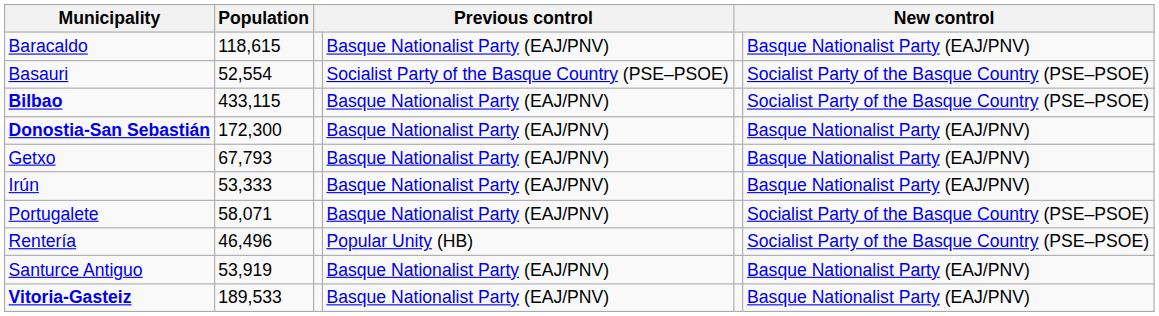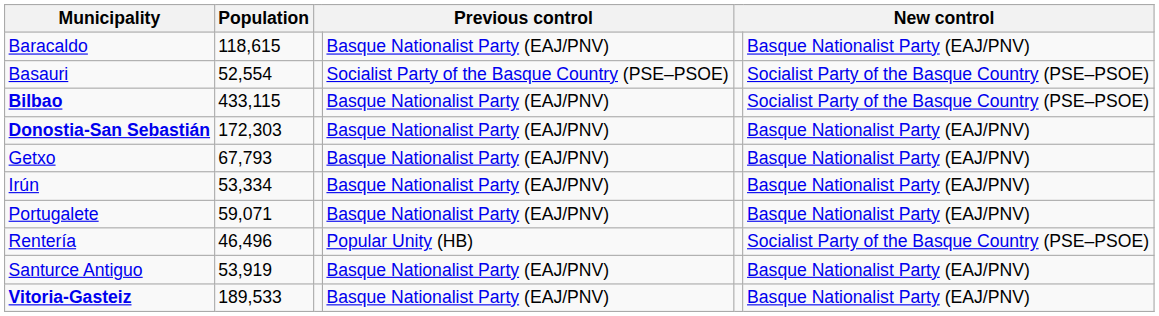 <table class="wikitable sortable">
 <tr>
 <th>Municipality</th>
 <th>Population</th>
 <th colspan="2" style="width:375px;">Previous control</th>
 <th colspan="2" style="width:375px;">New control</th>
 </tr>
 <tr>
 <td><a href='#'>Baracaldo</a></td>
 <td>118,615</td>
 <td width="1" style="color:inherit;background:"></td>
 <td><a href='#'>Basque Nationalist Party</a> (EAJ/PNV)</td>
 <td width="1" style="color:inherit;background:"></td>
 <td><a href='#'>Basque Nationalist Party</a> (EAJ/PNV)</td>
 </tr>
 <tr>
 <td><a href='#'>Basauri</a></td>
 <td>52,554</td>
 <td style="color:inherit;background:"></td>
 <td><a href='#'>Socialist Party of the Basque Country</a> (PSE–PSOE)</td>
 <td style="color:inherit;background:"></td>
 <td><a href='#'>Socialist Party of the Basque Country</a> (PSE–PSOE)</td>
 </tr>
 <tr>
 <td><strong><a href='#'>Bilbao</a></strong></td>
 <td>433,115</td>
 <td style="color:inherit;background:"></td>
 <td><a href='#'>Basque Nationalist Party</a> (EAJ/PNV)</td>
 <td style="color:inherit;background:"></td>
 <td><a href='#'>Socialist Party of the Basque Country</a> (PSE–PSOE)</td>
 </tr>
 <tr>
 <td><strong><a href='#'>Donostia-San Sebastián</a></strong></td>
-<td>172,300</td>
+<td>172,303</td>
 <td style="color:inherit;background:"></td>
 <td><a href='#'>Basque Nationalist Party</a> (EAJ/PNV)</td>
 <td style="color:inherit;background:"></td>
 <td><a href='#'>Basque Nationalist Party</a> (EAJ/PNV)</td>
 </tr>
 <tr>
 <td><a href='#'>Getxo</a></td>
 <td>67,793</td>
 <td style="color:inherit;background:"></td>
 <td><a href='#'>Basque Nationalist Party</a> (EAJ/PNV)</td>
 <td style="color:inherit;background:"></td>
 <td><a href='#'>Basque Nationalist Party</a> (EAJ/PNV)</td>
 </tr>
 <tr>
 <td><a href='#'>Irún</a></td>
-<td>53,333</td>
+<td>53,334</td>
 <td style="color:inherit;background:"></td>
 <td><a href='#'>Basque Nationalist Party</a> (EAJ/PNV)</td>
 <td style="color:inherit;background:"></td>
 <td><a href='#'>Basque Nationalist Party</a> (EAJ/PNV) </td>
 </tr>
 <tr>
 <td><a href='#'>Portugalete</a></td>
-<td>58,071</td>
+<td>59,071</td>
 <td style="color:inherit;background:"></td>
 <td><a href='#'>Basque Nationalist Party</a> (EAJ/PNV)</td>
 <td style="color:inherit;background:"></td>
-<td><a href='#'>Socialist Party of the Basque Country</a> (PSE–PSOE)</td>
+<td><a href='#'>Basque Nationalist Party</a> (EAJ/PNV)</td>
 </tr>
 <tr>
 <td><a href='#'>Rentería</a></td>
 <td>46,496</td>
 <td style="color:inherit;background:"></td>
 <td><a href='#'>Popular Unity</a> (HB)</td>
 <td style="color:inherit;background:"></td>
 <td><a href='#'>Socialist Party of the Basque Country</a> (PSE–PSOE)</td>
 </tr>
 <tr>
 <td><a href='#'>Santurce Antiguo</a></td>
 <td>53,919</td>
 <td style="color:inherit;background:"></td>
 <td><a href='#'>Basque Nationalist Party</a> (EAJ/PNV)</td>
 <td style="color:inherit;background:"></td>
 <td><a href='#'>Basque Nationalist Party</a> (EAJ/PNV)</td>
 </tr>
 <tr>
 <td><strong><a href='#'>Vitoria-Gasteiz</a></strong></td>
 <td>189,533</td>
 <td style="color:inherit;background:"></td>
 <td><a href='#'>Basque Nationalist Party</a> (EAJ/PNV)</td>
 <td style="color:inherit;background:"></td>
 <td><a href='#'>Basque Nationalist Party</a> (EAJ/PNV) </td>
 </tr>
 </table>
